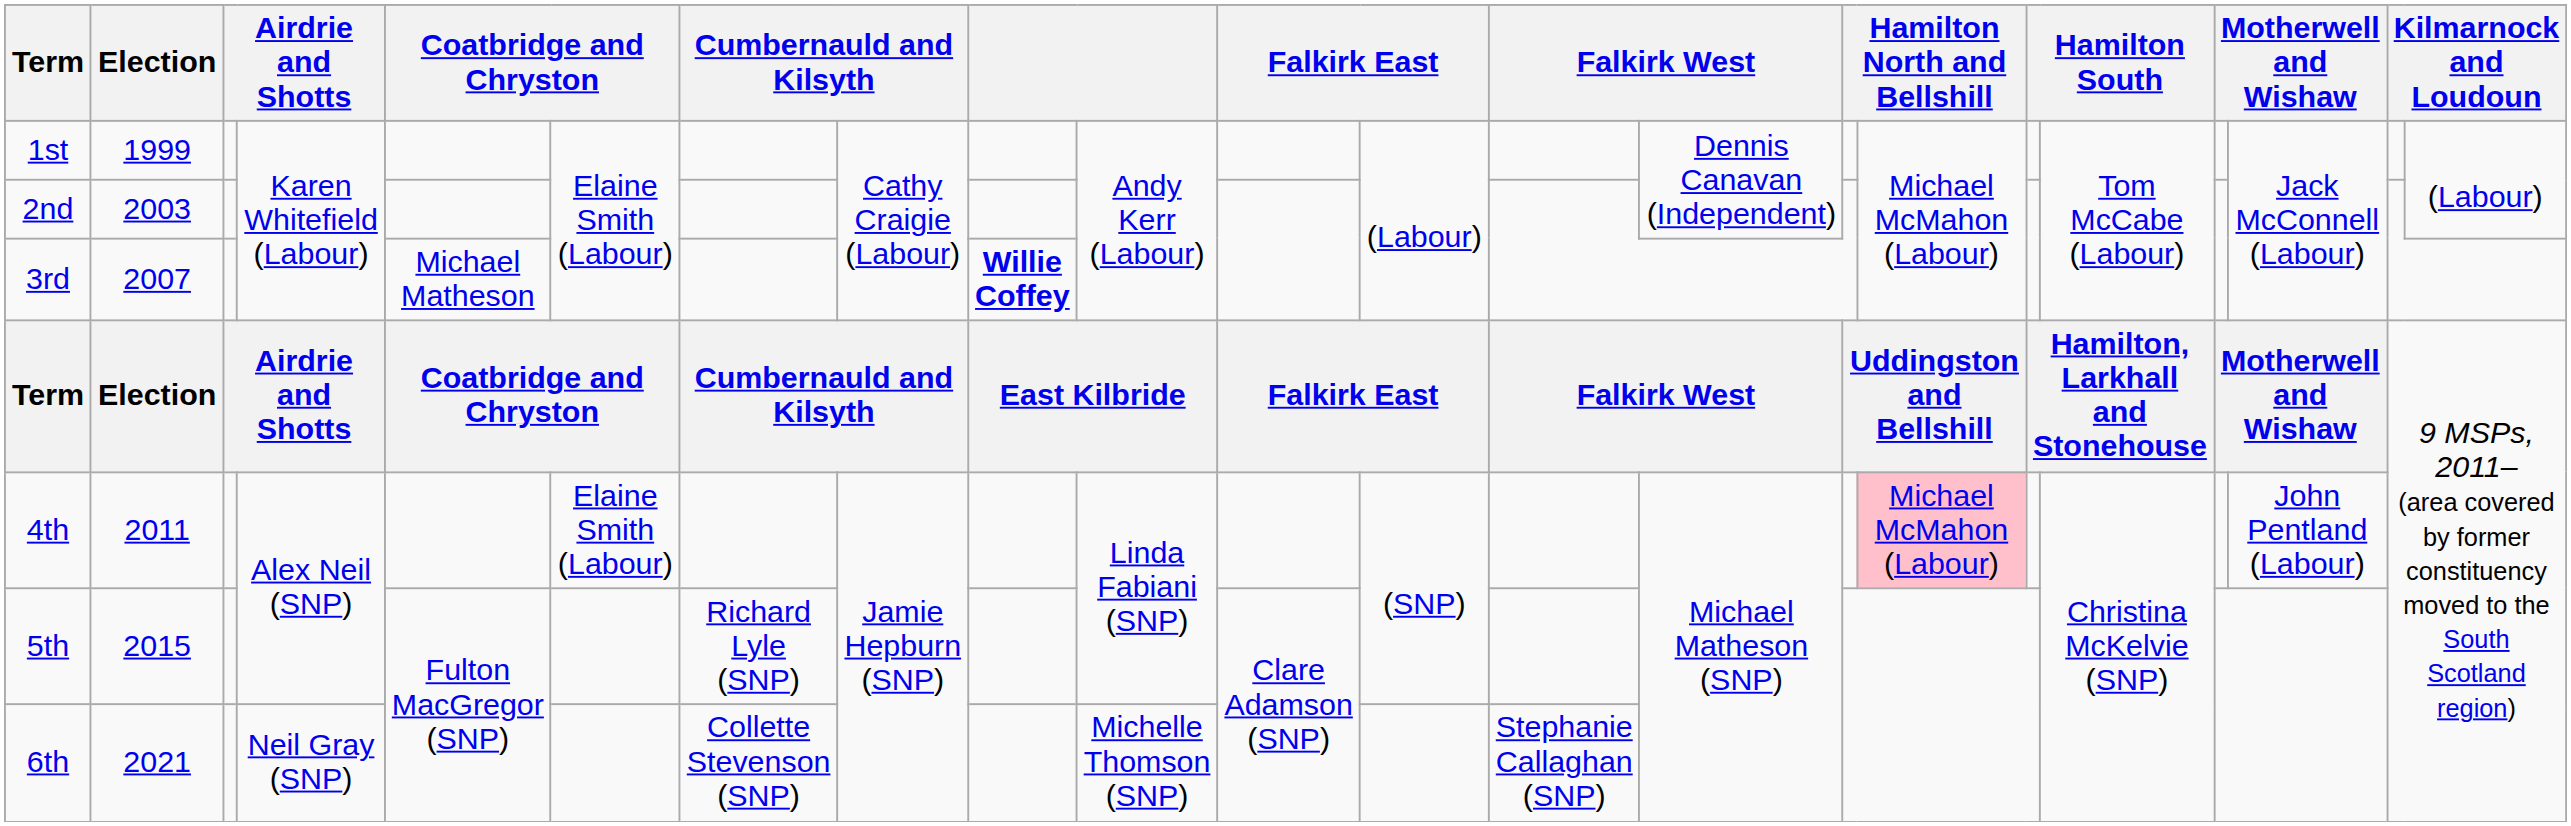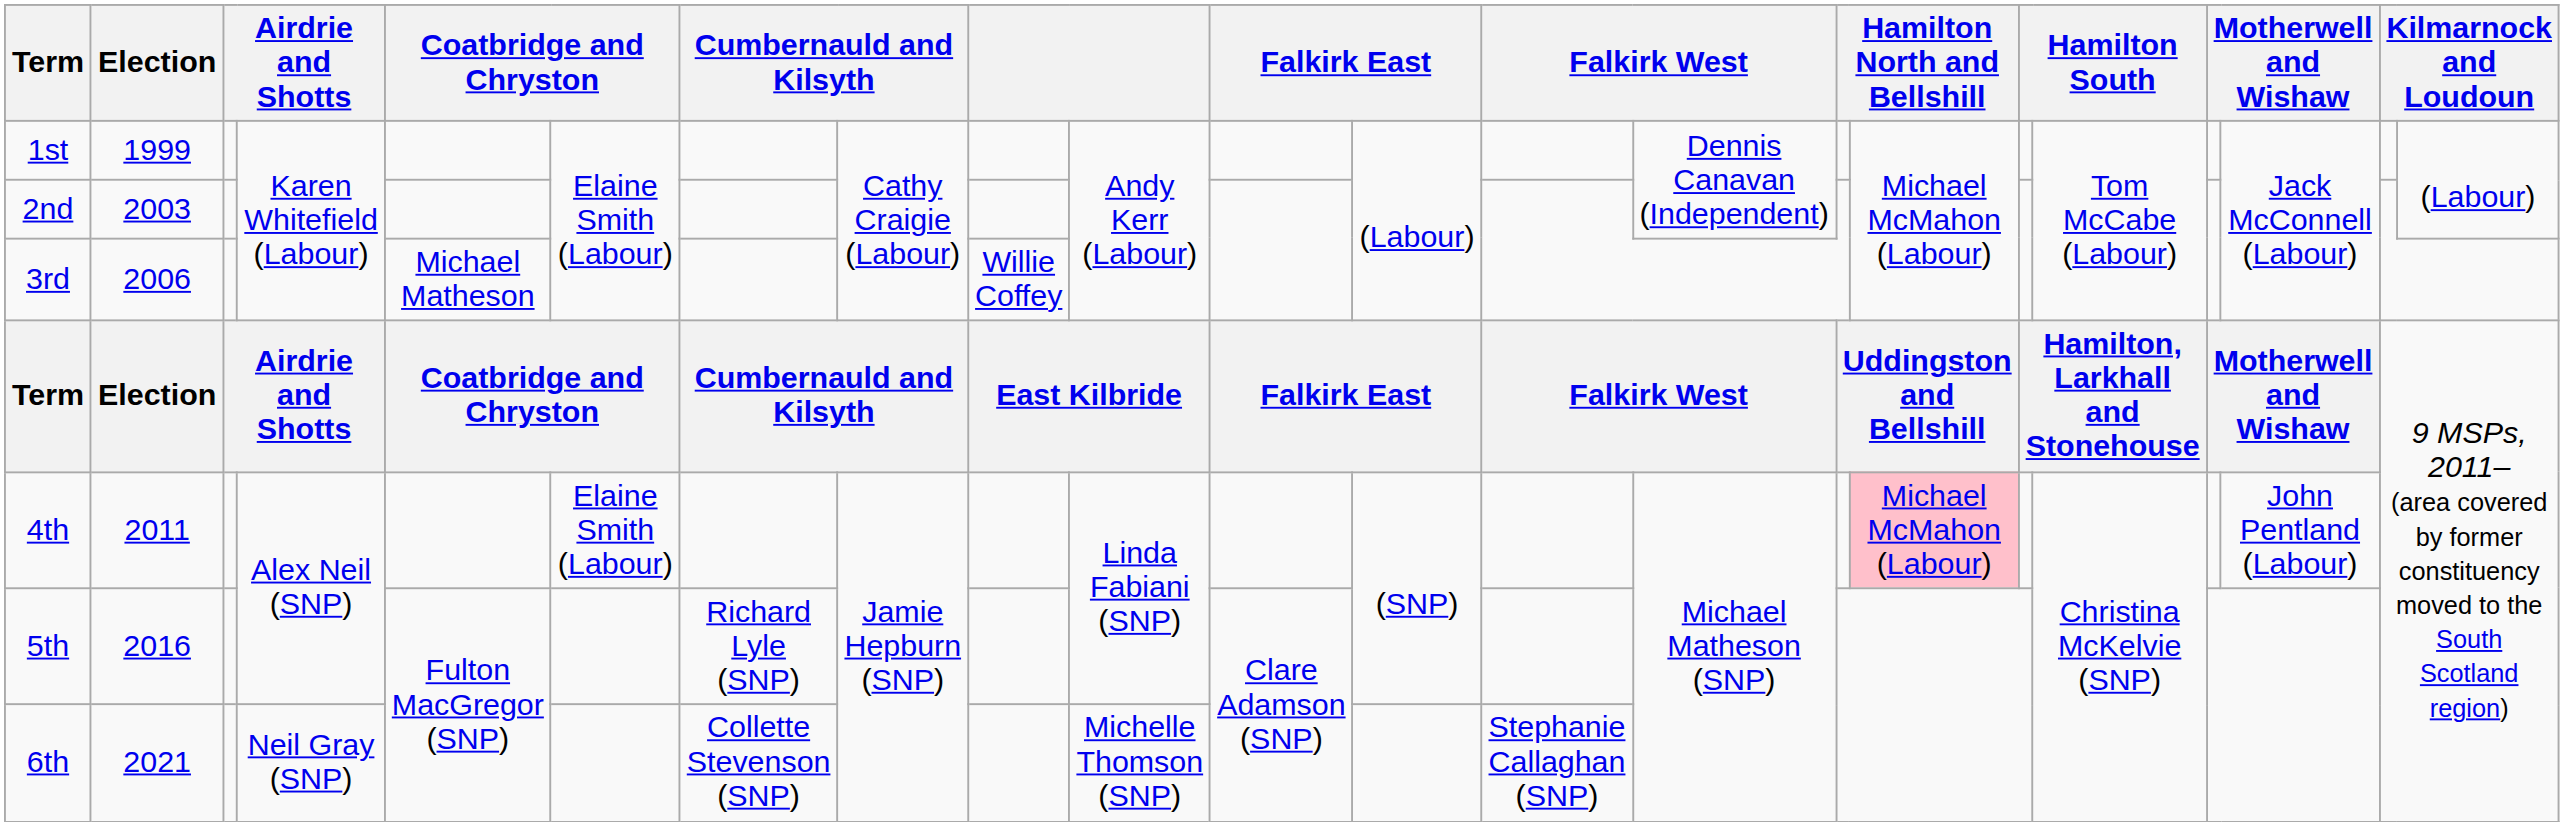 <table class="wikitable" style="text-align:center">
 <tr>
 <th>Term</th>
 <th>Election</th>
 <th colspan="2"><a href='#'>Airdrie and Shotts</a></th>
 <th colspan="2" style="width:75px;"><a href='#'>Coatbridge and Chryston</a></th>
 <th colspan="2" style="width:75px;"><a href='#'>Cumbernauld and Kilsyth</a></th>
 <th colspan="2"></th>
 <th colspan="2"><a href='#'>Falkirk East</a></th>
 <th colspan="2"><a href='#'>Falkirk West</a></th>
 <th colspan="2" style="width:75px;"><a href='#'>Hamilton North and Bellshill</a></th>
 <th colspan="2"><a href='#'>Hamilton South</a></th>
 <th colspan="2" style="width:75px;"><a href='#'>Motherwell and Wishaw</a></th>
 <th colspan="2" style="width:75px;"><a href='#'>Kilmarnock and Loudoun</a></th>
 </tr>
 <tr>
 <td><a href='#'>1st</a></td>
 <td><a href='#'>1999</a></td>
 <td></td>
 <td rowspan="3"><a href='#'>Karen Whitefield</a><br>(<a href='#'>Labour</a>)</td>
 <td></td>
 <td rowspan="3"><a href='#'>Elaine Smith</a><br>(<a href='#'>Labour</a>)</td>
 <td></td>
 <td rowspan="3"><a href='#'>Cathy Craigie</a><br>(<a href='#'>Labour</a>)</td>
 <td></td>
 <td rowspan="3"><a href='#'>Andy Kerr</a><br>(<a href='#'>Labour</a>)</td>
 <td></td>
 <td rowspan="3"><br>(<a href='#'>Labour</a>)</td>
 <td></td>
 <td rowspan="2"><a href='#'>Dennis Canavan</a><br>(<a href='#'>Independent</a>)</td>
 <td></td>
 <td rowspan="3"><a href='#'>Michael McMahon</a><br>(<a href='#'>Labour</a>)</td>
 <td></td>
 <td rowspan="3"><a href='#'>Tom McCabe</a> <br>(<a href='#'>Labour</a>)</td>
 <td></td>
 <td rowspan="3"><a href='#'>Jack McConnell</a><br>(<a href='#'>Labour</a>)</td>
 <td></td>
 <td rowspan="2"><br>(<a href='#'>Labour</a>)</td>
 </tr>
 <tr>
 <td><a href='#'>2nd</a></td>
 <td><a href='#'>2003</a></td>
 </tr>
 <tr>
 <td><a href='#'>3rd</a></td>
-<td><a href='#'>2007</a></td>
+<td><a href='#'>2006</a></td>
 <td style="color:inherit;background:"></td>
 <td><a href='#'>Michael Matheson</a><br></td>
 <td style="color:inherit;background:"></td>
-<td><strong><a href='#'>Willie Coffey</a><br></strong></td>
+<td><a href='#'>Willie Coffey</a><br></td>
 </tr>
 <tr>
 <th>Term</th>
 <th>Election</th>
 <th colspan="2"><a href='#'>Airdrie and Shotts</a></th>
 <th colspan="2"><a href='#'>Coatbridge and Chryston</a></th>
 <th colspan="2"><a href='#'>Cumbernauld and Kilsyth</a></th>
 <th colspan="2"><a href='#'>East Kilbride</a></th>
 <th colspan="2"><a href='#'>Falkirk East</a></th>
 <th colspan="2"><a href='#'>Falkirk West</a></th>
 <th colspan="2"><a href='#'>Uddingston and Bellshill</a></th>
 <th colspan="2"><a href='#'>Hamilton, Larkhall and Stonehouse</a></th>
 <th colspan="2"><a href='#'>Motherwell and Wishaw</a></th>
 <td colspan="2" rowspan="4" style="text-align:center;"><em>9 MSPs, 2011–</em> <br> <small>(area covered by former constituency moved to the <a href='#'>South Scotland region</a>)</small></td>
 </tr>
 <tr>
 <td><a href='#'>4th</a></td>
 <td><a href='#'>2011</a></td>
 <td></td>
 <td rowspan="2"><a href='#'>Alex Neil</a><br>(<a href='#'>SNP</a>)</td>
 <td style="color:inherit;background:"></td>
 <td><a href='#'>Elaine Smith</a><br>(<a href='#'>Labour</a>)</td>
 <td></td>
 <td rowspan="3"><a href='#'>Jamie Hepburn</a><br>(<a href='#'>SNP</a>)</td>
 <td></td>
 <td rowspan="2"><a href='#'>Linda Fabiani</a><br>(<a href='#'>SNP</a>)</td>
 <td></td>
 <td rowspan="2"><br>(<a href='#'>SNP</a>)</td>
 <td></td>
 <td rowspan="3"><a href='#'>Michael Matheson</a><br>(<a href='#'>SNP</a>)</td>
 <td style="color:inherit;background:"></td>
 <td style="background: pink;"><a href='#'>Michael McMahon</a> <br>(<a href='#'>Labour</a>)</td>
 <td></td>
 <td rowspan="3"><a href='#'>Christina McKelvie</a><br>(<a href='#'>SNP</a>)</td>
 <td style="color:inherit;background:"></td>
 <td><a href='#'>John Pentland</a><br>(<a href='#'>Labour</a>)</td>
 </tr>
 <tr>
 <td><a href='#'>5th</a></td>
-<td><a href='#'>2015</a></td>
+<td><a href='#'>2016</a></td>
 <td></td>
 <td rowspan="2"><a href='#'>Fulton MacGregor</a><br>(<a href='#'>SNP</a>)</td>
 <td style="color:inherit;background:"></td>
 <td><a href='#'>Richard Lyle</a> <br>(<a href='#'>SNP</a>)</td>
 <td></td>
 <td rowspan="2"><a href='#'>Clare Adamson</a><br>(<a href='#'>SNP</a>)</td>
 </tr>
 <tr>
 <td><a href='#'>6th</a></td>
 <td><a href='#'>2021</a></td>
 <td style="color:inherit;background:"></td>
 <td><a href='#'>Neil Gray</a> <br>(<a href='#'>SNP</a>)</td>
 <td style="color:inherit;background:"></td>
 <td><a href='#'>Collette Stevenson</a> <br>(<a href='#'>SNP</a>)</td>
 <td style="color:inherit;background:"></td>
 <td><a href='#'>Michelle Thomson</a> <br>(<a href='#'>SNP</a>)</td>
 <td style="color:inherit;background:"></td>
 <td><a href='#'>Stephanie Callaghan</a> <br>(<a href='#'>SNP</a>)</td>
 </tr>
 </table>
